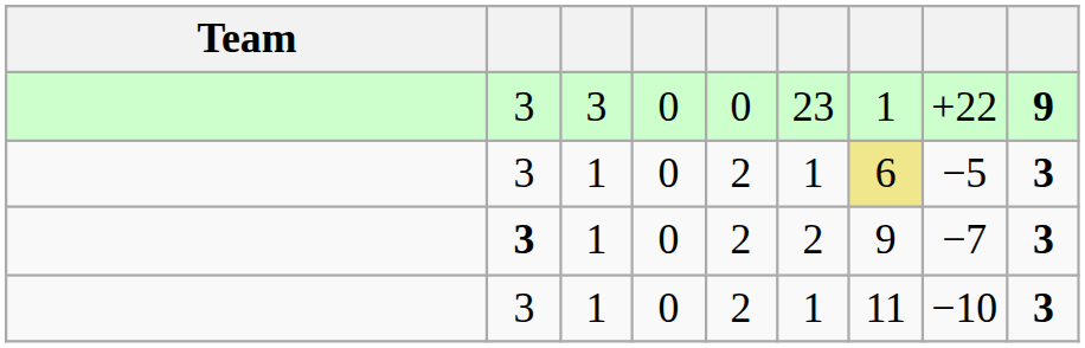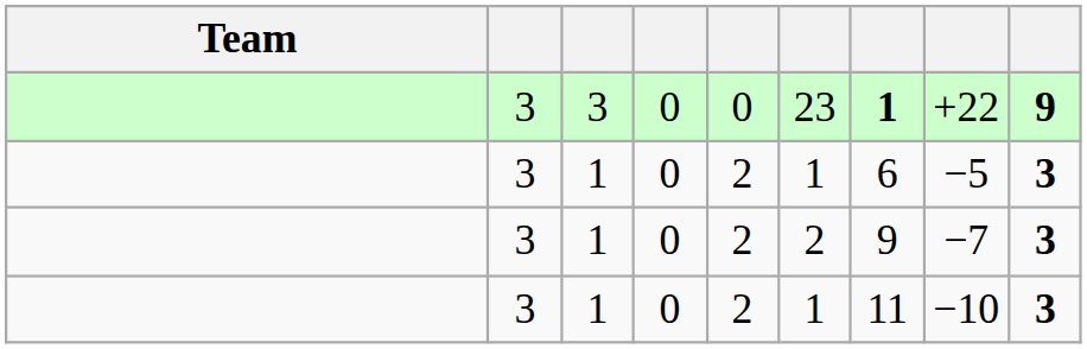 <table class="wikitable" style="text-align: center;">
 <tr>
 <th width="175">Team</th>
 <th width="20"></th>
 <th width="20"></th>
 <th width="20"></th>
 <th width="20"></th>
 <th width="20"></th>
 <th width="20"></th>
 <th width="20"></th>
 <th width="20"></th>
 </tr>
 <tr bgcolor=ccffcc>
 <td align=left></td>
 <td>3</td>
 <td>3</td>
 <td>0</td>
 <td>0</td>
 <td>23</td>
-<td>1</td>
+<td><strong>1</strong></td>
 <td>+22</td>
 <td><strong>9</strong></td>
 </tr>
 <tr>
 <td align=left></td>
 <td>3</td>
 <td>1</td>
 <td>0</td>
 <td>2</td>
 <td>1</td>
-<td style="background: khaki;">6</td>
+<td>6</td>
 <td>−5</td>
 <td><strong>3</strong></td>
 </tr>
 <tr>
 <td align=left><em></em></td>
-<td><strong>3</strong></td>
+<td>3</td>
 <td>1</td>
 <td>0</td>
 <td>2</td>
 <td>2</td>
 <td>9</td>
 <td>−7</td>
 <td><strong>3</strong></td>
 </tr>
 <tr>
 <td align=left></td>
 <td>3</td>
 <td>1</td>
 <td>0</td>
 <td>2</td>
 <td>1</td>
 <td>11</td>
 <td>−10</td>
 <td><strong>3</strong></td>
 </tr>
 </table>
